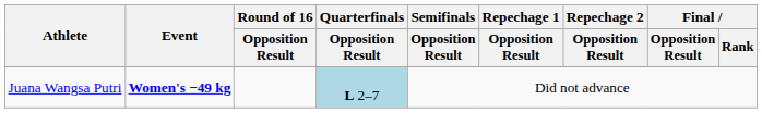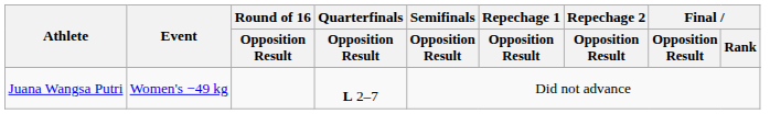 <table class="wikitable" style="font-size:90%;">
 <tr>
 <th rowspan=2>Athlete</th>
 <th rowspan=2>Event</th>
 <th>Round of 16</th>
 <th>Quarterfinals</th>
 <th>Semifinals</th>
 <th>Repechage 1</th>
 <th>Repechage 2</th>
 <th colspan=2>Final / </th>
 </tr>
 <tr style="font-size:95%">
 <th>Opposition<br>Result</th>
 <th>Opposition<br>Result</th>
 <th>Opposition<br>Result</th>
 <th>Opposition<br>Result</th>
 <th>Opposition<br>Result</th>
 <th>Opposition<br>Result</th>
 <th>Rank</th>
 </tr>
 <tr>
 </tr>
 <tr align=center>
 <td align=left><a href='#'>Juana Wangsa Putri</a></td>
-<td align=left><strong><a href='#'>Women's −49 kg</a></strong></td>
+<td align=left><a href='#'>Women's −49 kg</a></td>
 <td></td>
-<td style="background: lightblue;"><br><strong>L</strong> 2–7</td>
+<td><br><strong>L</strong> 2–7</td>
 <td colspan=6>Did not advance</td>
 </tr>
 </table>
